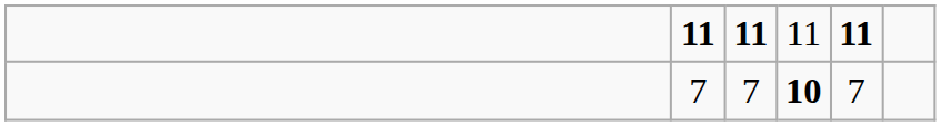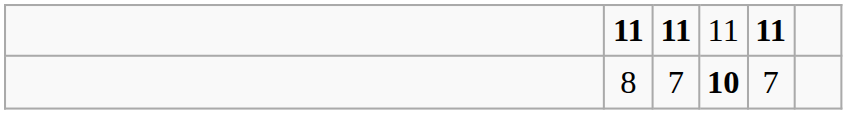 <table class="wikitable">
 <tr>
 <td style="width:18em"><strong></strong></td>
 <td align=center style="width:1em"><strong>11</strong></td>
 <td align=center style="width:1em"><strong>11</strong></td>
 <td align=center style="width:1em">11</td>
 <td align=center style="width:1em"><strong>11</strong></td>
 <td align=center style="width:1em"></td>
 </tr>
 <tr>
 <td style="width:18em"></td>
-<td align=center style="width:1em">7</td>
+<td align=center style="width:1em">8</td>
 <td align=center style="width:1em">7</td>
 <td align=center style="width:1em"><strong>10</strong></td>
 <td align=center style="width:1em">7</td>
 <td align=center style="width:1em"></td>
 </tr>
 </table>
